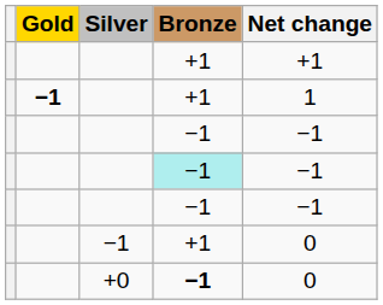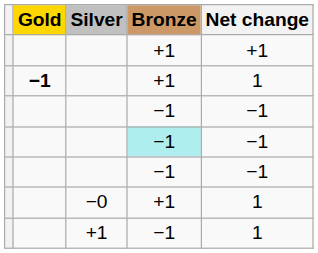 <table class="wikitable plainrowheaders sortable" style="text-align:center">
 <tr>
 <th scope="col"></th>
 <th scope="col" style="background-color:gold">Gold</th>
 <th scope="col" style="background-color:silver">Silver</th>
 <th scope="col" style="background-color:#c96">Bronze</th>
 <th scope="col">Net change</th>
 </tr>
 <tr>
 <th scope="row" style="text-align:left"></th>
 <td></td>
 <td></td>
 <td>+1</td>
 <td>+1</td>
 </tr>
 <tr>
 <th scope="row" style="text-align:left"></th>
 <td><strong>−1</strong></td>
 <td></td>
 <td>+1</td>
 <td>1</td>
 </tr>
 <tr>
 <th scope="row" style="text-align:left"></th>
 <td></td>
 <td></td>
 <td>−1</td>
 <td>−1</td>
 </tr>
 <tr>
 <th scope="row" style="text-align:left"></th>
 <td></td>
 <td></td>
 <td style="background: paleturquoise;">−1</td>
 <td>−1</td>
 </tr>
 <tr>
 <th scope="row" style="text-align:left"></th>
 <td></td>
 <td></td>
 <td>−1</td>
 <td>−1</td>
 </tr>
 <tr>
 <th scope="row" style="text-align:left"></th>
 <td></td>
-<td>−1</td>
+<td>−0</td>
 <td>+1</td>
-<td>0</td>
+<td>1</td>
 </tr>
 <tr>
 <th scope="row" style="text-align:left"></th>
 <td></td>
-<td>+0</td>
-<td><strong>−1</strong></td>
-<td>0</td>
+<td>+1</td>
+<td>−1</td>
+<td>1</td>
 </tr>
 </table>
